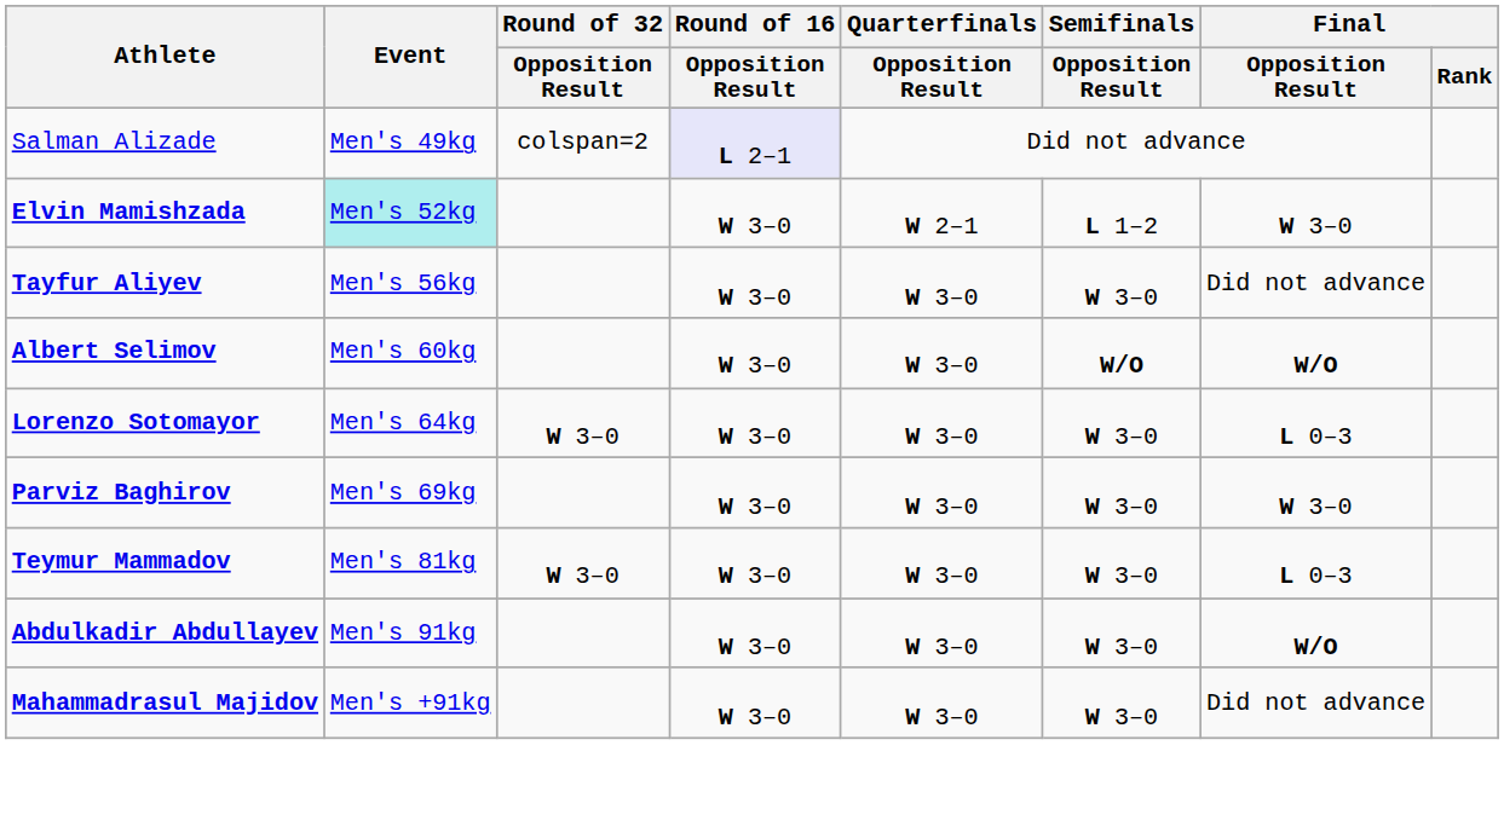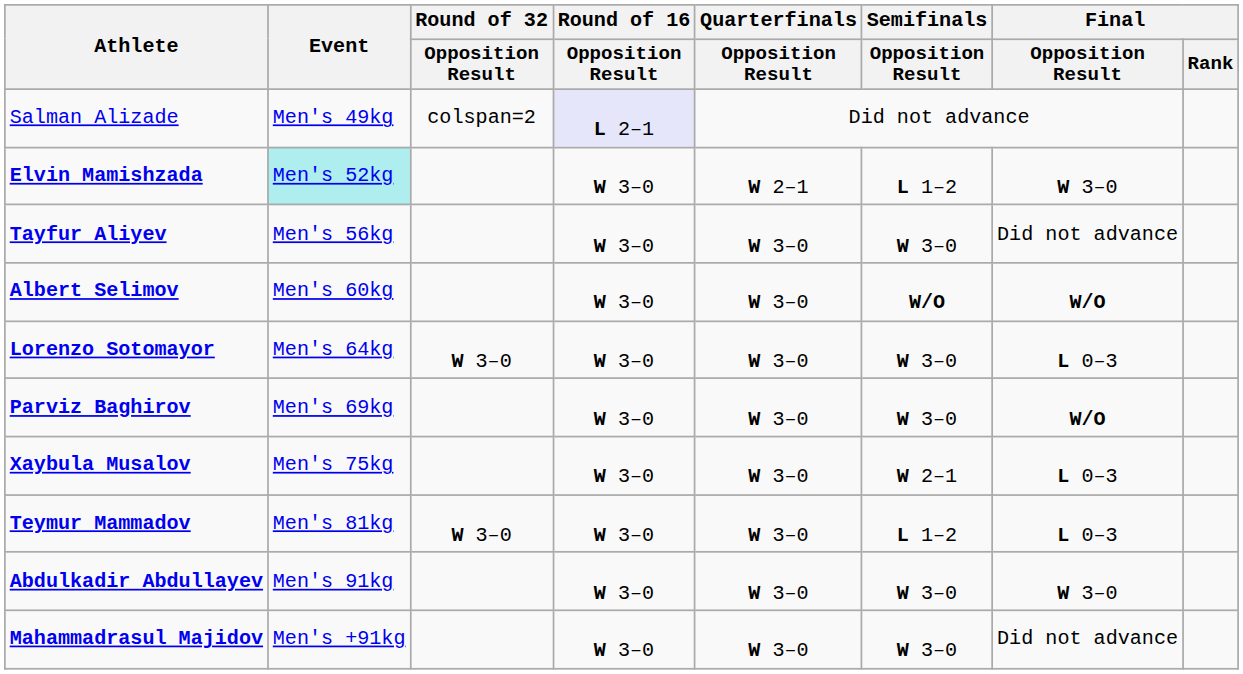 <table class="wikitable" style="font-size:90%">
 <tr>
 <th rowspan="2">Athlete</th>
 <th rowspan="2">Event</th>
 <th>Round of 32</th>
 <th>Round of 16</th>
 <th>Quarterfinals</th>
 <th>Semifinals</th>
 <th colspan=2>Final</th>
 </tr>
 <tr style="font-size:95%">
 <th>Opposition<br>Result</th>
 <th>Opposition<br>Result</th>
 <th>Opposition<br>Result</th>
 <th>Opposition<br>Result</th>
 <th>Opposition<br>Result</th>
 <th>Rank</th>
 </tr>
 <tr align=center>
 <td align=left><a href='#'>Salman Alizade</a></td>
 <td align=left><a href='#'>Men's 49kg</a></td>
 <td>colspan=2 </td>
 <td style="background: lavender;"><br><strong>L</strong> 2–1</td>
 <td colspan=3>Did not advance</td>
 </tr>
 <tr align=center>
 <td align=left><strong><a href='#'>Elvin Mamishzada</a></strong></td>
 <td align=left style="background: paleturquoise;"><a href='#'>Men's 52kg</a></td>
 <td></td>
 <td><br><strong>W</strong> 3–0</td>
 <td><br><strong>W</strong> 2–1</td>
 <td><br><strong>L</strong> 1–2</td>
 <td><br><strong>W</strong> 3–0</td>
 <td></td>
 </tr>
 <tr align=center>
 <td align=left><strong><a href='#'>Tayfur Aliyev</a></strong></td>
 <td align=left><a href='#'>Men's 56kg</a></td>
 <td></td>
 <td><br><strong>W</strong> 3–0</td>
 <td><br><strong>W</strong> 3–0</td>
 <td><br><strong>W</strong> 3–0</td>
 <td>Did not advance</td>
 <td></td>
 </tr>
 <tr align=center>
 <td align=left><strong><a href='#'>Albert Selimov</a></strong></td>
 <td align=left><a href='#'>Men's 60kg</a></td>
 <td></td>
 <td><br><strong>W</strong> 3–0</td>
 <td><br><strong>W</strong> 3–0</td>
 <td><br><strong>W/O</strong></td>
 <td><br><strong>W/O</strong></td>
 <td></td>
 </tr>
 <tr align=center>
 <td align=left><strong><a href='#'>Lorenzo Sotomayor</a></strong></td>
 <td align=left><a href='#'>Men's 64kg</a></td>
 <td><br><strong>W</strong> 3–0</td>
 <td><br><strong>W</strong> 3–0</td>
 <td><br><strong>W</strong> 3–0</td>
 <td><br><strong>W</strong> 3–0</td>
 <td><br><strong>L</strong> 0–3</td>
 <td></td>
 </tr>
 <tr align=center>
 <td align=left><strong><a href='#'>Parviz Baghirov</a></strong></td>
 <td align=left><a href='#'>Men's 69kg</a></td>
 <td></td>
 <td><br><strong>W</strong> 3–0</td>
 <td><br><strong>W</strong> 3–0</td>
 <td><br><strong>W</strong> 3–0</td>
+<td><br><strong>W/O</strong></td>
+<td></td>
+</tr>
+<tr align=center>
+<td align=left><strong><a href='#'>Xaybula Musalov</a></strong></td>
+<td align=left><a href='#'>Men's 75kg</a></td>
+<td></td>
 <td><br><strong>W</strong> 3–0</td>
+<td><br><strong>W</strong> 3–0</td>
+<td><br><strong>W</strong> 2–1</td>
+<td><br><strong>L</strong> 0–3</td>
 <td></td>
 </tr>
 <tr align=center>
 <td align=left><strong><a href='#'>Teymur Mammadov</a></strong></td>
 <td align=left><a href='#'>Men's 81kg</a></td>
 <td><br><strong>W</strong> 3–0</td>
 <td><br><strong>W</strong> 3–0</td>
 <td><br><strong>W</strong> 3–0</td>
-<td><br><strong>W</strong> 3–0</td>
+<td><br><strong>L</strong> 1–2</td>
 <td><br><strong>L</strong> 0–3</td>
 <td></td>
 </tr>
 <tr align=center>
 <td align=left><strong><a href='#'>Abdulkadir Abdullayev</a></strong></td>
 <td align=left><a href='#'>Men's 91kg</a></td>
 <td></td>
 <td><br><strong>W</strong> 3–0</td>
 <td><br><strong>W</strong> 3–0</td>
 <td><br><strong>W</strong> 3–0</td>
-<td><br><strong>W/O</strong></td>
+<td><br><strong>W</strong> 3–0</td>
 <td></td>
 </tr>
 <tr align=center>
 <td align=left><strong><a href='#'>Mahammadrasul Majidov</a></strong></td>
 <td align=left><a href='#'>Men's +91kg</a></td>
 <td></td>
 <td><br><strong>W</strong> 3–0</td>
 <td><br><strong>W</strong> 3–0</td>
 <td><br><strong>W</strong> 3–0</td>
 <td>Did not advance</td>
 <td></td>
 </tr>
 </table>
